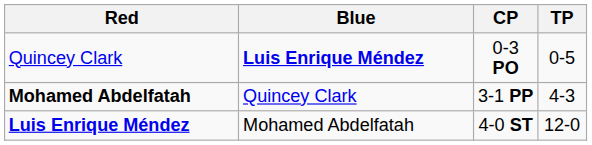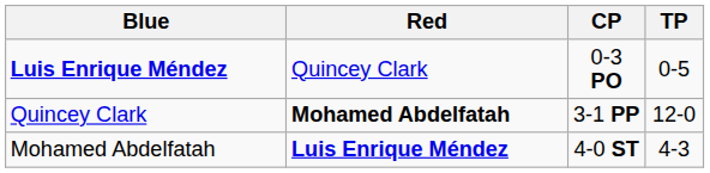 <table class="wikitable" style="text-align: center;" |>
 <tr>
+<th width="200">Blue</th>
 <th width="200">Red</th>
-<th width="200">Blue</th>
 <th width="50">CP</th>
 <th width="35">TP</th>
 </tr>
 <tr>
+<td style="text-align:left;"><strong><a href='#'>Luis Enrique Méndez</a></strong></td>
 <td style="text-align:left;"><a href='#'>Quincey Clark</a></td>
-<td style="text-align:left;"><strong><a href='#'>Luis Enrique Méndez</a></strong></td>
 <td>0-3 <strong>PO</strong></td>
 <td>0-5</td>
 </tr>
 <tr>
+<td style="text-align:left;"><a href='#'>Quincey Clark</a></td>
 <td style="text-align:left;"><strong>Mohamed Abdelfatah</strong></td>
-<td style="text-align:left;"><a href='#'>Quincey Clark</a></td>
 <td>3-1 <strong>PP</strong></td>
+<td>12-0</td>
+</tr>
+<tr>
+<td style="text-align:left;">Mohamed Abdelfatah</td>
+<td style="text-align:left;"><strong><a href='#'>Luis Enrique Méndez</a></strong></td>
+<td>4-0 <strong>ST</strong></td>
 <td>4-3</td>
 </tr>
-<tr>
-<td style="text-align:left;"><strong><a href='#'>Luis Enrique Méndez</a></strong></td>
-<td style="text-align:left;">Mohamed Abdelfatah</td>
-<td>4-0 <strong>ST</strong></td>
-<td>12-0</td>
-</tr>
 </table>
